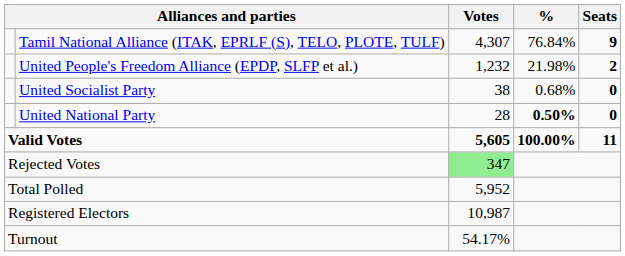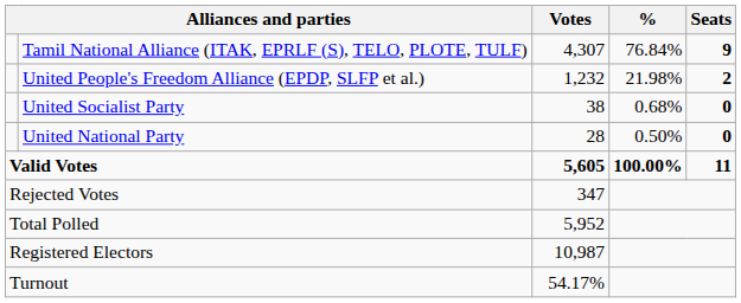 <table class="wikitable" border="1" style="text-align:right;">
 <tr>
 <th valign=bottom align=left colspan=2>Alliances and parties</th>
 <th valign=bottom align=center width="60">Votes</th>
 <th valign=bottom align=center width="50">%</th>
 <th valign=bottom align=center>Seats</th>
 </tr>
 <tr>
 <td bgcolor=> </td>
 <td align=left><a href='#'>Tamil National Alliance</a> (<a href='#'>ITAK</a>, <a href='#'>EPRLF (S)</a>, <a href='#'>TELO</a>, <a href='#'>PLOTE</a>, <a href='#'>TULF</a>)</td>
 <td>4,307</td>
 <td>76.84%</td>
 <td><strong>9</strong></td>
 </tr>
 <tr>
 <td bgcolor=> </td>
 <td align=left><a href='#'>United People's Freedom Alliance</a> (<a href='#'>EPDP</a>, <a href='#'>SLFP</a> et al.)</td>
 <td>1,232</td>
 <td>21.98%</td>
 <td><strong>2</strong></td>
 </tr>
 <tr>
 <td></td>
 <td align=left><a href='#'>United Socialist Party</a></td>
 <td>38</td>
 <td>0.68%</td>
 <td><strong>0</strong></td>
 </tr>
 <tr>
 <td bgcolor=> </td>
 <td align=left><a href='#'>United National Party</a></td>
 <td>28</td>
-<td><strong>0.50%</strong></td>
+<td>0.50%</td>
 <td><strong>0</strong></td>
 </tr>
 <tr>
 <td colspan=2 align=left><strong>Valid Votes</strong></td>
 <td><strong>5,605</strong></td>
 <td><strong>100.00%</strong></td>
 <td><strong>11</strong></td>
 </tr>
 <tr>
 <td colspan=2 align=left>Rejected Votes</td>
-<td style="background: lightgreen;">347</td>
+<td>347</td>
 <td colspan=2></td>
 </tr>
 <tr>
 <td colspan=2 align=left>Total Polled</td>
 <td>5,952</td>
 <td colspan=2></td>
 </tr>
 <tr>
 <td colspan=2 align=left>Registered Electors</td>
 <td>10,987</td>
 <td colspan=2></td>
 </tr>
 <tr>
 <td colspan=2 align=left>Turnout</td>
 <td>54.17%</td>
 <td colspan=2></td>
 </tr>
 </table>
